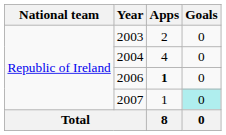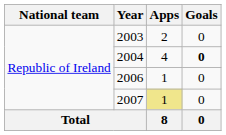 <table class="wikitable" style="text-align:center">
 <tr>
 <th>National team</th>
 <th>Year</th>
 <th>Apps</th>
 <th>Goals</th>
 </tr>
 <tr>
 <td rowspan="4"><a href='#'>Republic of Ireland</a></td>
 <td>2003</td>
 <td>2</td>
 <td>0</td>
 </tr>
 <tr>
 <td>2004</td>
 <td>4</td>
-<td>0</td>
+<td><strong>0</strong></td>
 </tr>
 <tr>
 <td>2006</td>
-<td><strong>1</strong></td>
+<td>1</td>
 <td>0</td>
 </tr>
 <tr>
 <td>2007</td>
-<td>1</td>
-<td style="background: paleturquoise;">0</td>
+<td style="background: khaki;">1</td>
+<td>0</td>
 </tr>
 <tr>
 <th colspan="2">Total</th>
 <th>8</th>
 <th>0</th>
 </tr>
 </table>
